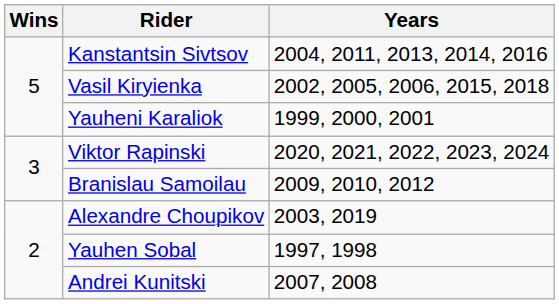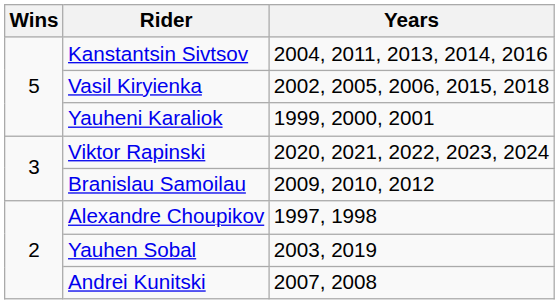 <table class="wikitable">
 <tr>
 <th>Wins</th>
 <th>Rider</th>
 <th>Years</th>
 </tr>
 <tr>
 <td align=center rowspan=3>5</td>
 <td><a href='#'>Kanstantsin Sivtsov</a></td>
 <td>2004, 2011, 2013, 2014, 2016</td>
 </tr>
 <tr>
 <td><a href='#'>Vasil Kiryienka</a></td>
 <td>2002, 2005, 2006, 2015, 2018</td>
 </tr>
 <tr>
 <td><a href='#'>Yauheni Karaliok</a></td>
 <td>1999, 2000, 2001</td>
 </tr>
 <tr>
 <td align=center rowspan=2>3</td>
 <td><a href='#'>Viktor Rapinski</a></td>
 <td>2020, 2021, 2022, 2023, 2024</td>
 </tr>
 <tr>
 <td><a href='#'>Branislau Samoilau</a></td>
 <td>2009, 2010, 2012</td>
 </tr>
 <tr>
 <td align=center rowspan=3>2</td>
 <td><a href='#'>Alexandre Choupikov</a></td>
-<td>2003, 2019</td>
+<td>1997, 1998</td>
 </tr>
 <tr>
 <td><a href='#'>Yauhen Sobal</a></td>
-<td>1997, 1998</td>
+<td>2003, 2019</td>
 </tr>
 <tr>
 <td><a href='#'>Andrei Kunitski</a></td>
 <td>2007, 2008</td>
 </tr>
 </table>
